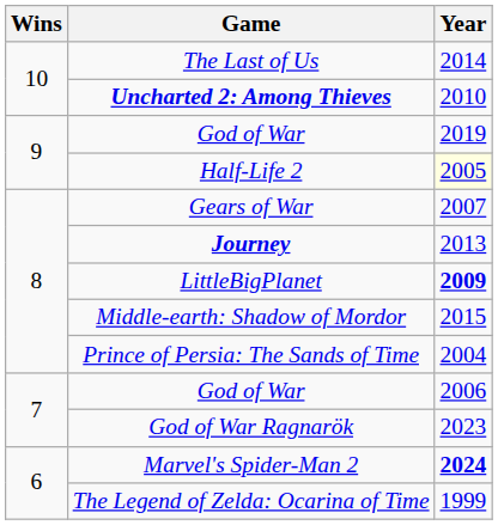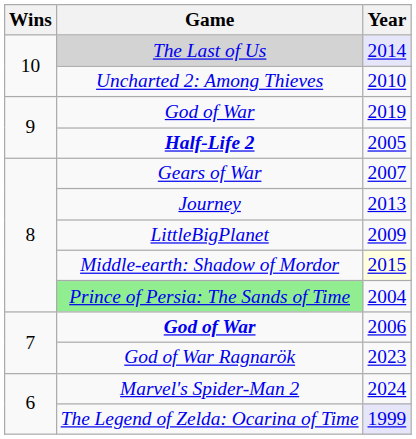 <table class="wikitable sortable" width="auto" style="text-align: center">
 <tr>
 <th>Wins</th>
 <th>Game</th>
 <th>Year</th>
 </tr>
 <tr>
 <td rowspan="2">10</td>
-<td><em><a href='#'>The Last of Us</a></em></td>
-<td><a href='#'>2014</a></td>
+<td style="background: lightgrey;"><em><a href='#'>The Last of Us</a></em></td>
+<td style="background: lavender;"><a href='#'>2014</a></td>
 </tr>
 <tr>
-<td><strong><em><a href='#'>Uncharted 2: Among Thieves</a></em></strong></td>
+<td><em><a href='#'>Uncharted 2: Among Thieves</a></em></td>
 <td><a href='#'>2010</a></td>
 </tr>
 <tr>
 <td rowspan="2">9</td>
 <td><em><a href='#'>God of War</a></em></td>
 <td><a href='#'>2019</a></td>
 </tr>
 <tr>
-<td><em><a href='#'>Half-Life 2</a></em></td>
-<td style="background: lightyellow;"><a href='#'>2005</a></td>
+<td><strong><em><a href='#'>Half-Life 2</a></em></strong></td>
+<td><a href='#'>2005</a></td>
 </tr>
 <tr>
 <td rowspan="5">8</td>
 <td><em><a href='#'>Gears of War</a></em></td>
 <td><a href='#'>2007</a></td>
 </tr>
 <tr>
-<td><strong><em><a href='#'>Journey</a></em></strong></td>
+<td><em><a href='#'>Journey</a></em></td>
 <td><a href='#'>2013</a></td>
 </tr>
 <tr>
 <td><em><a href='#'>LittleBigPlanet</a></em></td>
-<td><strong><a href='#'>2009</a></strong></td>
+<td><a href='#'>2009</a></td>
 </tr>
 <tr>
 <td><em><a href='#'>Middle-earth: Shadow of Mordor</a></em></td>
-<td><a href='#'>2015</a></td>
+<td style="background: lightyellow;"><a href='#'>2015</a></td>
 </tr>
 <tr>
-<td><em><a href='#'>Prince of Persia: The Sands of Time</a></em></td>
+<td style="background: lightgreen;"><em><a href='#'>Prince of Persia: The Sands of Time</a></em></td>
 <td><a href='#'>2004</a></td>
 </tr>
 <tr>
 <td rowspan="2">7</td>
-<td><em><a href='#'>God of War</a></em></td>
+<td><strong><em><a href='#'>God of War</a></em></strong></td>
 <td><a href='#'>2006</a></td>
 </tr>
 <tr>
 <td><em><a href='#'>God of War Ragnarök</a></em></td>
 <td><a href='#'>2023</a></td>
 </tr>
 <tr>
 <td rowspan="2">6</td>
 <td><em><a href='#'>Marvel's Spider-Man 2</a></em></td>
-<td><strong><a href='#'>2024</a></strong></td>
+<td><a href='#'>2024</a></td>
 </tr>
 <tr>
 <td><em><a href='#'>The Legend of Zelda: Ocarina of Time</a></em></td>
-<td><a href='#'>1999</a></td>
+<td style="background: lavender;"><a href='#'>1999</a></td>
 </tr>
 </table>
